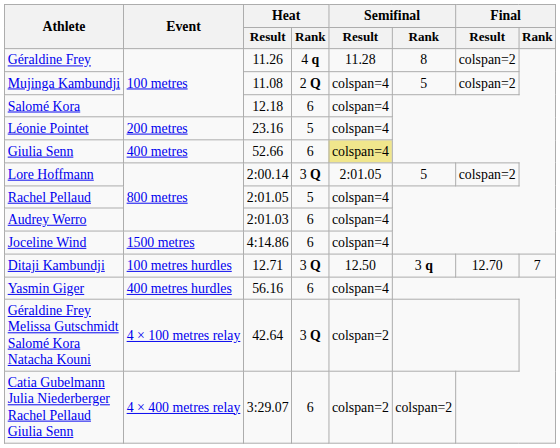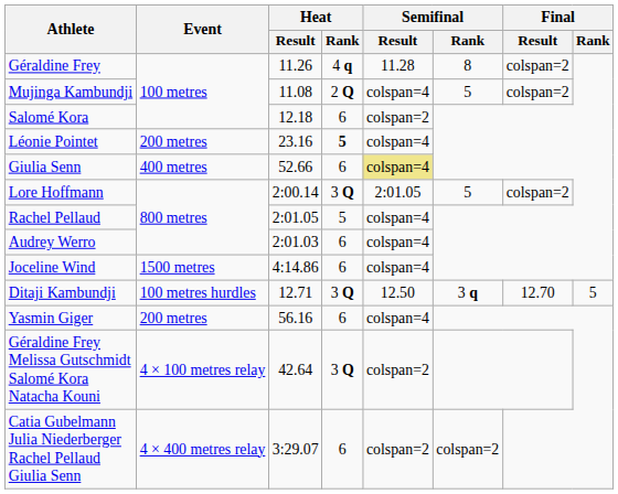 <table class="wikitable" style="font-size:90%">
 <tr>
 <th rowspan="2">Athlete</th>
 <th rowspan="2">Event</th>
 <th colspan="2">Heat</th>
 <th colspan="2">Semifinal</th>
 <th colspan="2">Final</th>
 </tr>
 <tr style="font-size:95%">
 <th>Result</th>
 <th>Rank</th>
 <th>Result</th>
 <th>Rank</th>
 <th>Result</th>
 <th>Rank</th>
 </tr>
 <tr align=center>
 <td align=left><a href='#'>Géraldine Frey</a></td>
 <td align=left rowspan=3><a href='#'>100 metres</a></td>
 <td>11.26</td>
 <td>4 <strong>q</strong></td>
 <td>11.28</td>
 <td>8</td>
 <td>colspan=2 </td>
 </tr>
 <tr align=center>
 <td align=left><a href='#'>Mujinga Kambundji</a></td>
 <td>11.08</td>
 <td>2 <strong>Q</strong></td>
 <td>colspan=4 </td>
 <td>5</td>
 <td>colspan=2 </td>
 </tr>
 <tr align=center>
 <td align=left><a href='#'>Salomé Kora</a></td>
 <td>12.18</td>
 <td>6</td>
-<td>colspan=4 </td>
+<td>colspan=2 </td>
 </tr>
 <tr align=center>
 <td align=left><a href='#'>Léonie Pointet</a></td>
 <td align=left><a href='#'>200 metres</a></td>
 <td>23.16 </td>
-<td>5</td>
+<td><strong>5</strong></td>
 <td>colspan=4 </td>
 </tr>
 <tr align=center>
 <td align=left><a href='#'>Giulia Senn</a></td>
 <td align=left><a href='#'>400 metres</a></td>
 <td>52.66</td>
 <td>6</td>
 <td style="background: khaki;">colspan=4 </td>
 </tr>
 <tr align=center>
 <td align=left><a href='#'>Lore Hoffmann</a></td>
 <td align=left rowspan=3><a href='#'>800 metres</a></td>
 <td>2:00.14 </td>
 <td>3 <strong>Q</strong></td>
 <td>2:01.05</td>
 <td>5</td>
 <td>colspan=2 </td>
 </tr>
 <tr align=center>
 <td align=left><a href='#'>Rachel Pellaud</a></td>
 <td>2:01.05</td>
 <td>5</td>
 <td>colspan=4 </td>
 </tr>
 <tr align=center>
 <td align=left><a href='#'>Audrey Werro</a></td>
 <td>2:01.03</td>
 <td>6</td>
 <td>colspan=4 </td>
 </tr>
 <tr align=center>
 <td align=left><a href='#'>Joceline Wind</a></td>
 <td align=left><a href='#'>1500 metres</a></td>
 <td>4:14.86</td>
 <td>6</td>
 <td>colspan=4 </td>
 </tr>
 <tr align=center>
 <td align=left><a href='#'>Ditaji Kambundji</a></td>
 <td align=left><a href='#'>100 metres hurdles</a></td>
 <td>12.71</td>
 <td>3 <strong>Q</strong></td>
 <td>12.50</td>
 <td>3 <strong>q</strong></td>
 <td>12.70</td>
-<td>7</td>
+<td>5</td>
 </tr>
 <tr align=center>
 <td align=left><a href='#'>Yasmin Giger</a></td>
-<td align=left><a href='#'>400 metres hurdles</a></td>
+<td align=left><a href='#'>200 metres</a></td>
 <td>56.16</td>
 <td>6</td>
 <td>colspan=4 </td>
 </tr>
 <tr align=center>
 <td align=left><a href='#'>Géraldine Frey</a><br><a href='#'>Melissa Gutschmidt</a><br><a href='#'>Salomé Kora</a><br><a href='#'>Natacha Kouni</a></td>
 <td align=left><a href='#'>4 × 100 metres relay</a></td>
 <td>42.64 </td>
 <td>3 <strong>Q</strong></td>
 <td>colspan=2 </td>
 <td colspan=2></td>
 </tr>
 <tr align=center>
 <td align=left><a href='#'>Catia Gubelmann</a><br><a href='#'>Julia Niederberger</a><br><a href='#'>Rachel Pellaud</a><br><a href='#'>Giulia Senn</a></td>
 <td align=left><a href='#'>4 × 400 metres relay</a></td>
 <td>3:29.07</td>
 <td>6</td>
 <td>colspan=2 </td>
 <td>colspan=2 </td>
 </tr>
 </table>
